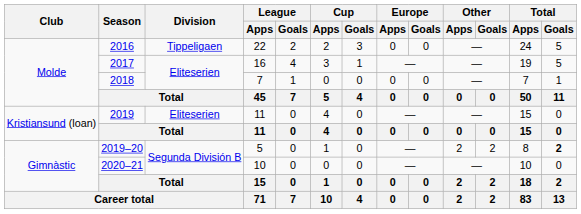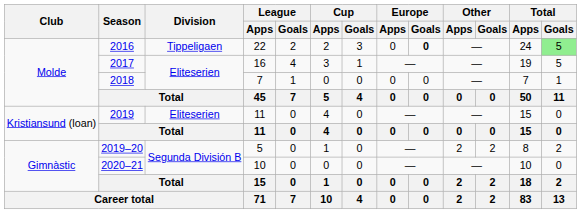 <table class="wikitable" style="text-align:center">
 <tr>
 <th rowspan="2">Club</th>
 <th rowspan="2">Season</th>
 <th rowspan="2">Division</th>
 <th colspan="2">League</th>
 <th colspan="2">Cup</th>
 <th colspan="2">Europe</th>
 <th colspan="2">Other</th>
 <th colspan="2">Total</th>
 </tr>
 <tr>
 <th>Apps</th>
 <th>Goals</th>
 <th>Apps</th>
 <th>Goals</th>
 <th>Apps</th>
 <th>Goals</th>
 <th>Apps</th>
 <th>Goals</th>
 <th>Apps</th>
 <th>Goals</th>
 </tr>
 <tr>
 <td rowspan="4"><a href='#'>Molde</a></td>
 <td><a href='#'>2016</a></td>
 <td><a href='#'>Tippeligaen</a></td>
 <td>22</td>
 <td>2</td>
 <td>2</td>
 <td>3</td>
 <td>0</td>
-<td>0</td>
+<td><strong>0</strong></td>
 <td colspan="2">—</td>
 <td>24</td>
-<td>5</td>
+<td style="background: lightgreen;">5</td>
 </tr>
 <tr>
 <td><a href='#'>2017</a></td>
 <td rowspan="2"><a href='#'>Eliteserien</a></td>
 <td>16</td>
 <td>4</td>
 <td>3</td>
 <td>1</td>
 <td colspan="2">—</td>
 <td colspan="2">—</td>
 <td>19</td>
 <td>5</td>
 </tr>
 <tr>
 <td><a href='#'>2018</a></td>
 <td>7</td>
 <td>1</td>
 <td>0</td>
 <td>0</td>
 <td>0</td>
 <td>0</td>
 <td colspan="2">—</td>
 <td>7</td>
 <td>1</td>
 </tr>
 <tr>
 <th colspan="2">Total</th>
 <th>45</th>
 <th>7</th>
 <th>5</th>
 <th>4</th>
 <th>0</th>
 <th>0</th>
 <th>0</th>
 <th>0</th>
 <th>50</th>
 <th>11</th>
 </tr>
 <tr>
 <td rowspan="2"><a href='#'>Kristiansund</a> (loan)</td>
 <td><a href='#'>2019</a></td>
 <td rowspan="1"><a href='#'>Eliteserien</a></td>
 <td>11</td>
 <td>0</td>
 <td>4</td>
 <td>0</td>
 <td colspan="2">—</td>
 <td colspan="2">—</td>
 <td>15</td>
 <td>0</td>
 </tr>
 <tr>
 <th colspan="2">Total</th>
 <th>11</th>
 <th>0</th>
 <th>4</th>
 <th>0</th>
 <th>0</th>
 <th>0</th>
 <th>0</th>
 <th>0</th>
 <th>15</th>
 <th>0</th>
 </tr>
 <tr>
 <td rowspan="3"><a href='#'>Gimnàstic</a></td>
 <td><a href='#'>2019–20</a></td>
 <td rowspan="2"><a href='#'>Segunda División B</a></td>
 <td>5</td>
 <td>0</td>
 <td>1</td>
 <td>0</td>
 <td colspan="2">—</td>
 <td>2</td>
 <td>2</td>
 <td>8</td>
-<td><strong>2</strong></td>
+<td>2</td>
 </tr>
 <tr>
 <td><a href='#'>2020–21</a></td>
 <td>10</td>
 <td>0</td>
 <td>0</td>
 <td>0</td>
 <td colspan="2">—</td>
 <td colspan="2">—</td>
 <td>10</td>
 <td>0</td>
 </tr>
 <tr>
 <th colspan="2">Total</th>
 <th>15</th>
 <th>0</th>
 <th>1</th>
 <th>0</th>
 <th>0</th>
 <th>0</th>
 <th>2</th>
 <th>2</th>
 <th>18</th>
 <th>2</th>
 </tr>
 <tr>
 <th colspan="3">Career total</th>
 <th>71</th>
 <th>7</th>
 <th>10</th>
 <th>4</th>
 <th>0</th>
 <th>0</th>
 <th>2</th>
 <th>2</th>
 <th>83</th>
 <th>13</th>
 </tr>
 </table>
